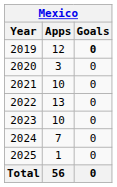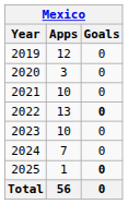 <table class="wikitable" style="text-align:center">
 <tr>
 <th colspan=3><a href='#'>Mexico</a></th>
 </tr>
 <tr>
 <th>Year</th>
 <th>Apps</th>
 <th>Goals</th>
 </tr>
 <tr>
 <td>2019</td>
 <td>12</td>
-<td><strong>0</strong></td>
+<td>0</td>
 </tr>
 <tr>
 <td>2020</td>
 <td>3</td>
 <td>0</td>
 </tr>
 <tr>
 <td>2021</td>
 <td>10</td>
 <td>0</td>
 </tr>
 <tr>
 <td>2022</td>
 <td>13</td>
-<td>0</td>
+<td><strong>0</strong></td>
 </tr>
 <tr>
 <td>2023</td>
 <td>10</td>
 <td>0</td>
 </tr>
 <tr>
 <td>2024</td>
 <td>7</td>
 <td>0</td>
 </tr>
 <tr>
 <td>2025</td>
 <td>1</td>
-<td>0</td>
+<td><strong>0</strong></td>
 </tr>
 <tr>
 <th>Total</th>
 <th>56</th>
 <th>0</th>
 </tr>
 </table>
